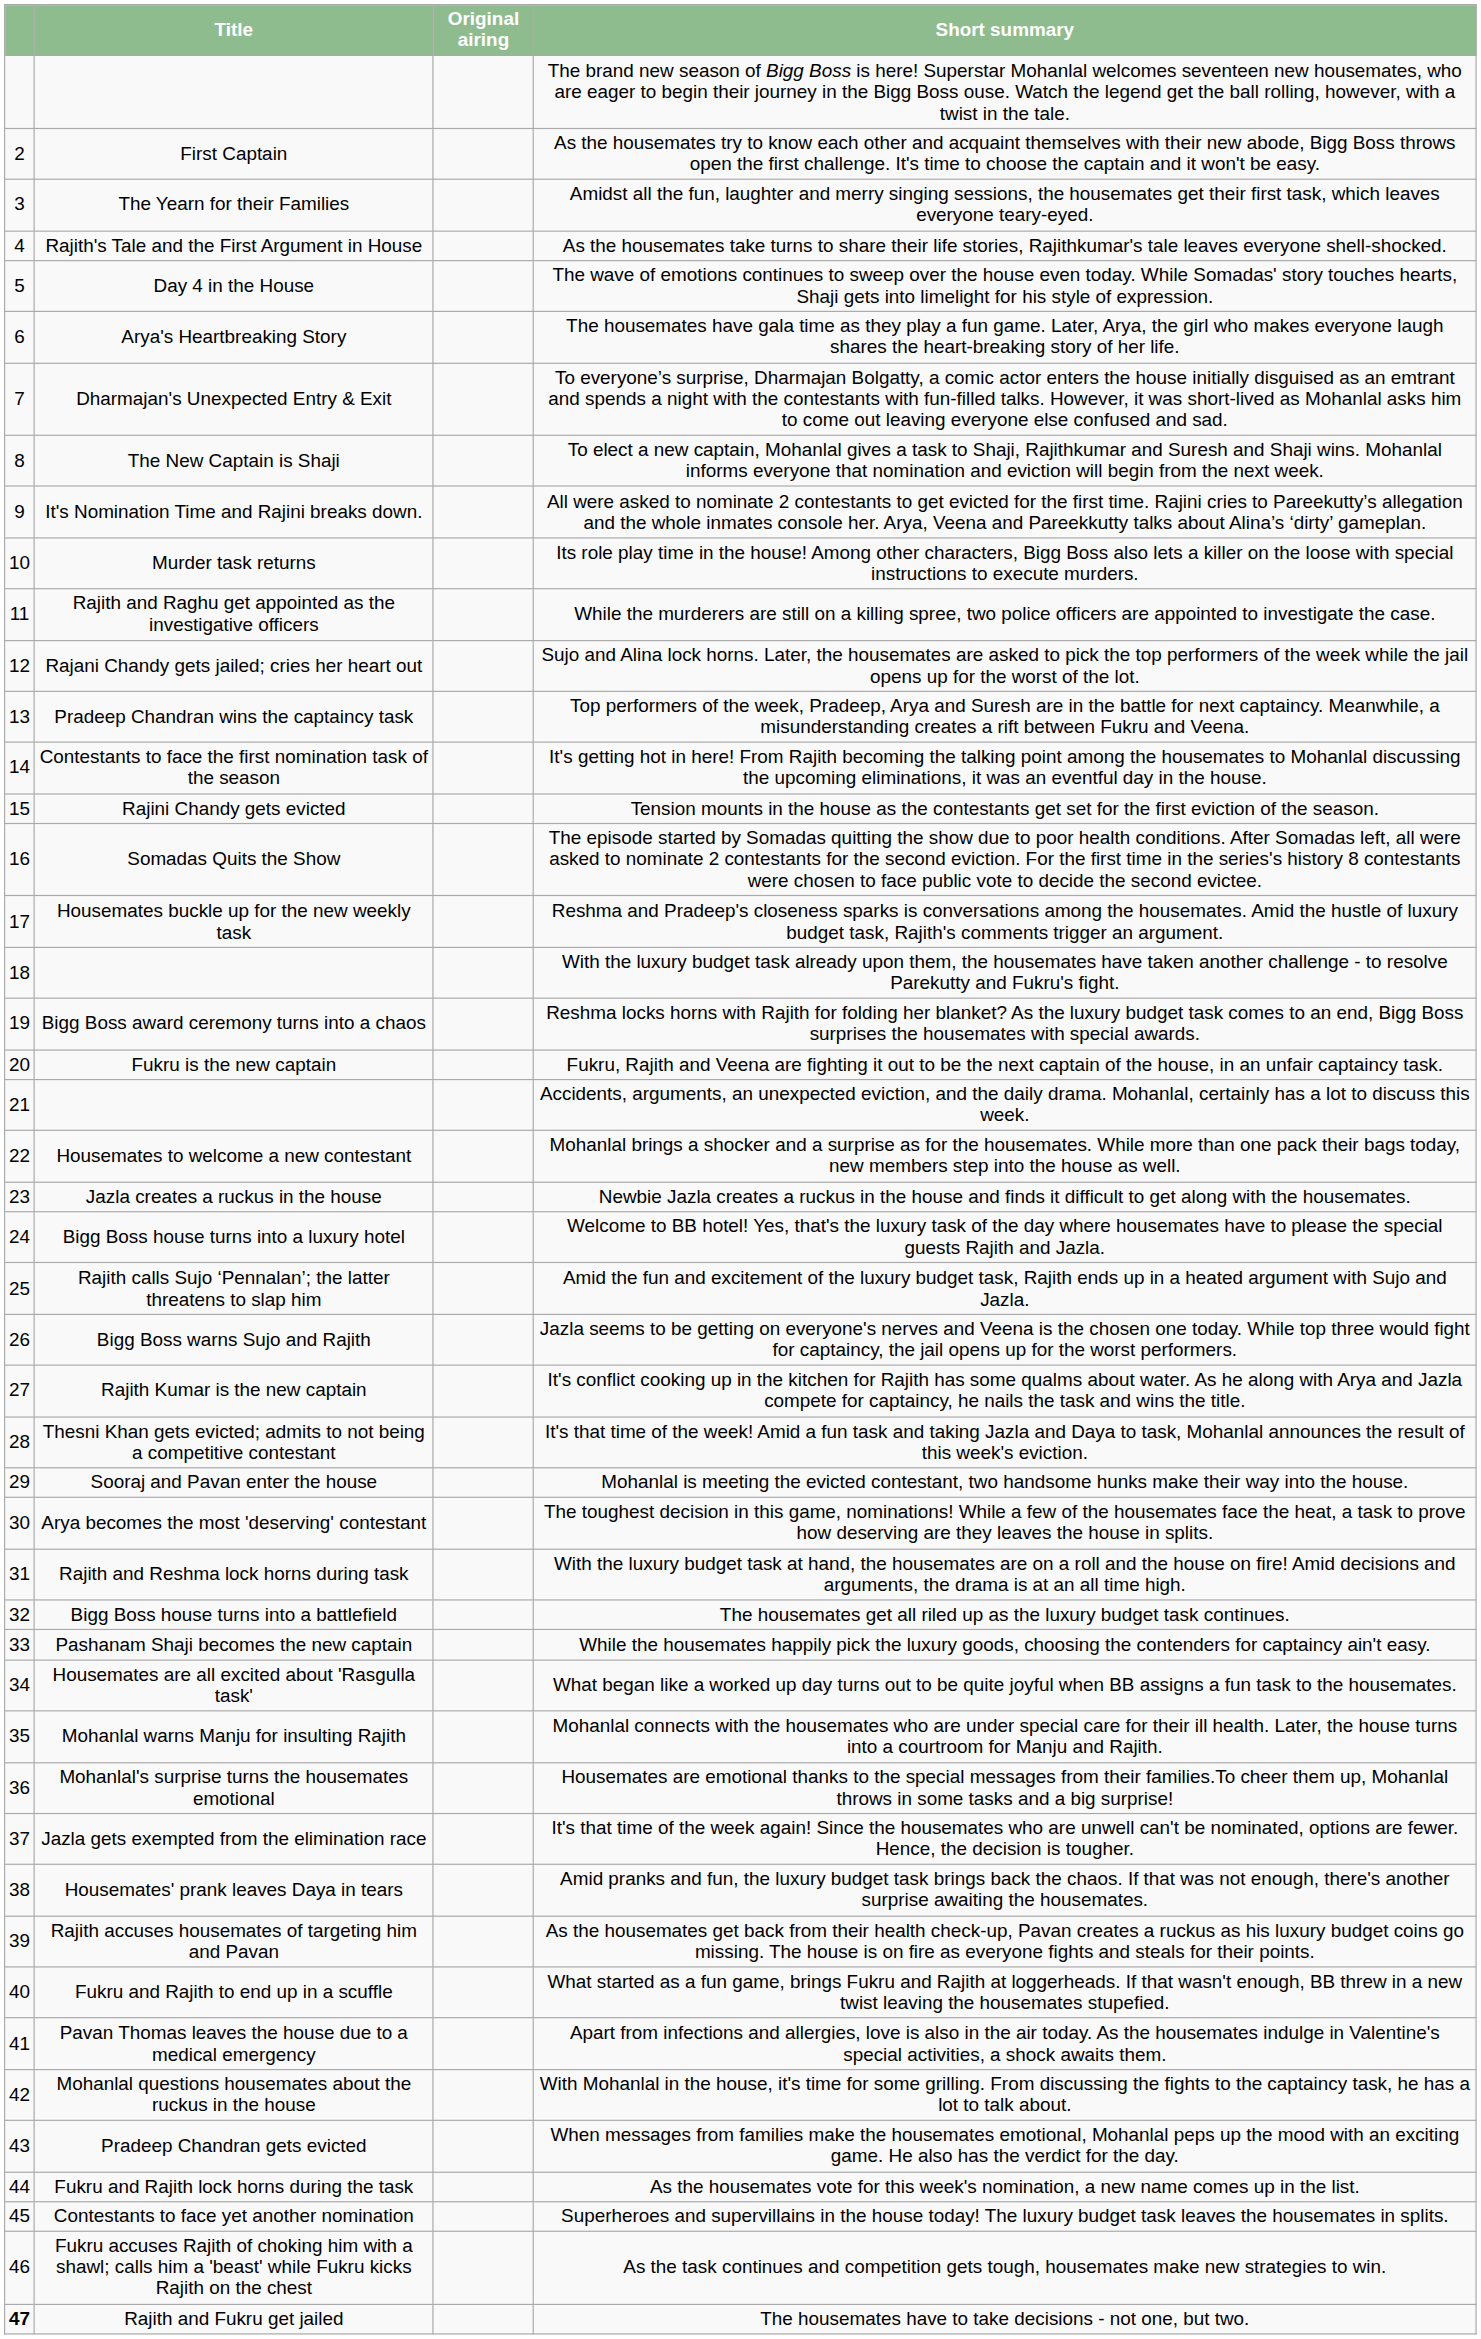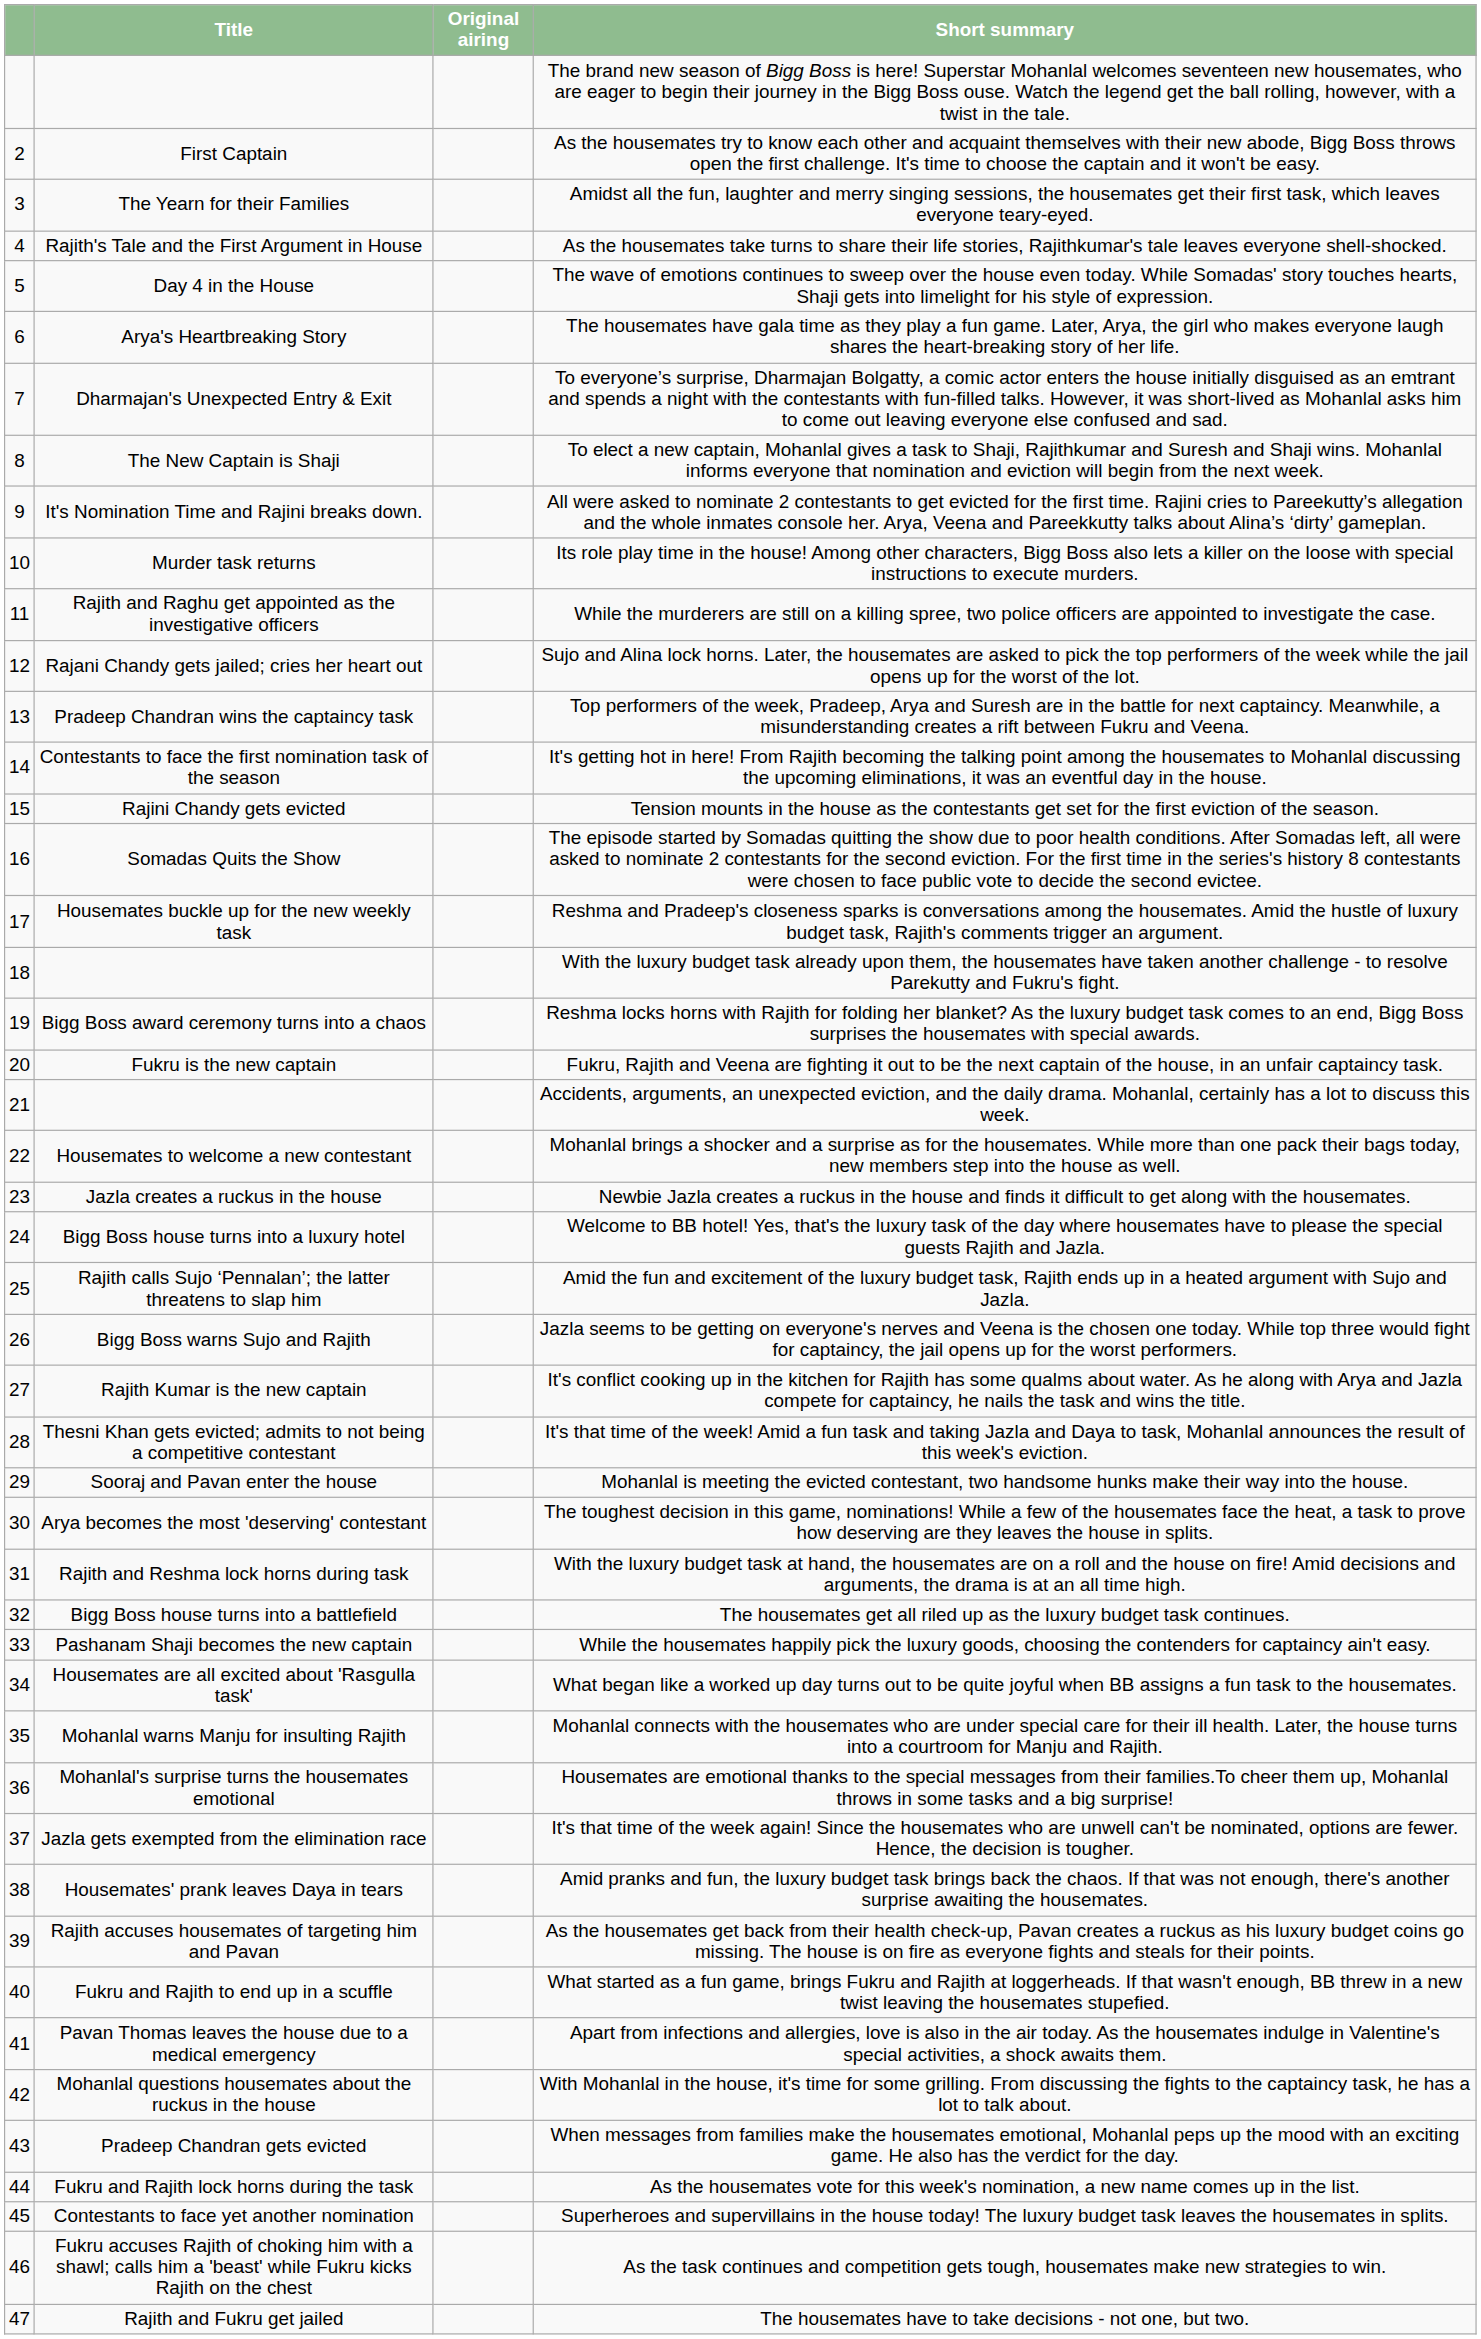 <table class="wikitable" style="text-align:center;">
 <tr>
 <th style="background:#8FBC8F; color:#FFFFFF;"></th>
 <th style="background:#8FBC8F; color:#FFFFFF;">Title</th>
 <th style="background:#8FBC8F; color:#FFFFFF;">Original airing</th>
 <th style="background:#8FBC8F; color:#FFFFFF;">Short summary</th>
 </tr>
 <tr>
 <td></td>
 <td></td>
 <td></td>
 <td>The brand new season of <em>Bigg Boss</em> is here! Superstar Mohanlal welcomes seventeen new housemates, who are eager to begin their journey in the Bigg Boss ouse. Watch the legend get the ball rolling, however, with a twist in the tale.</td>
 </tr>
 <tr>
 <td>2</td>
 <td>First Captain</td>
 <td></td>
 <td>As the housemates try to know each other and acquaint themselves with their new abode, Bigg Boss throws open the first challenge. It's time to choose the captain and it won't be easy.</td>
 </tr>
 <tr>
 <td>3</td>
 <td>The Yearn for their Families</td>
 <td></td>
 <td>Amidst all the fun, laughter and merry singing sessions, the housemates get their first task, which leaves everyone teary-eyed.</td>
 </tr>
 <tr>
 <td>4</td>
 <td>Rajith's Tale and the First Argument in House</td>
 <td></td>
 <td>As the housemates take turns to share their life stories, Rajithkumar's tale leaves everyone shell-shocked.</td>
 </tr>
 <tr>
 <td>5</td>
 <td>Day 4 in the House</td>
 <td></td>
 <td>The wave of emotions continues to sweep over the house even today. While Somadas' story touches hearts, Shaji gets into limelight for his style of expression.</td>
 </tr>
 <tr>
 <td>6</td>
 <td>Arya's Heartbreaking Story</td>
 <td></td>
 <td>The housemates have gala time as they play a fun game. Later, Arya, the girl who makes everyone laugh shares the heart-breaking story of her life.</td>
 </tr>
 <tr>
 <td>7</td>
 <td>Dharmajan's Unexpected Entry & Exit</td>
 <td></td>
 <td>To everyone’s surprise, Dharmajan Bolgatty, a comic actor enters the house initially disguised as an emtrant and spends a night with the contestants with fun-filled talks. However, it was short-lived as Mohanlal asks him to come out leaving everyone else confused and sad.</td>
 </tr>
 <tr>
 <td>8</td>
 <td>The New Captain is Shaji</td>
 <td></td>
 <td>To elect a new captain, Mohanlal gives a task to Shaji, Rajithkumar and Suresh and Shaji wins. Mohanlal informs everyone that nomination and eviction will begin from the next week.</td>
 </tr>
 <tr>
 <td>9</td>
 <td>It's Nomination Time and Rajini breaks down.</td>
 <td></td>
 <td>All were asked to nominate 2 contestants to get evicted for the first time. Rajini cries to Pareekutty’s allegation and the whole inmates console her. Arya, Veena and Pareekkutty talks about Alina’s ‘dirty’ gameplan.</td>
 </tr>
 <tr>
 <td>10</td>
 <td>Murder task returns</td>
 <td></td>
 <td>Its role play time in the house! Among other characters, Bigg Boss also lets a killer on the loose with special instructions to execute murders.</td>
 </tr>
 <tr>
 <td>11</td>
 <td>Rajith and Raghu get appointed as the investigative officers</td>
 <td></td>
 <td>While the murderers are still on a killing spree, two police officers are appointed to investigate the case.</td>
 </tr>
 <tr>
 <td>12</td>
 <td>Rajani Chandy gets jailed; cries her heart out</td>
 <td></td>
 <td>Sujo and Alina lock horns. Later, the housemates are asked to pick the top performers of the week while the jail opens up for the worst of the lot.</td>
 </tr>
 <tr>
 <td>13</td>
 <td>Pradeep Chandran wins the captaincy task</td>
 <td></td>
 <td>Top performers of the week, Pradeep, Arya and Suresh are in the battle for next captaincy. Meanwhile, a misunderstanding creates a rift between Fukru and Veena.</td>
 </tr>
 <tr>
 <td>14</td>
 <td>Contestants to face the first nomination task of the season</td>
 <td></td>
 <td>It's getting hot in here! From Rajith becoming the talking point among the housemates to Mohanlal discussing the upcoming eliminations, it was an eventful day in the house.</td>
 </tr>
 <tr>
 <td>15</td>
 <td>Rajini Chandy gets evicted</td>
 <td></td>
 <td>Tension mounts in the house as the contestants get set for the first eviction of the season.</td>
 </tr>
 <tr>
 <td>16</td>
 <td>Somadas Quits the Show</td>
 <td></td>
 <td>The episode started by Somadas quitting the show due to poor health conditions. After Somadas left, all were asked to nominate 2 contestants for the second eviction. For the first time in the series's history 8 contestants were chosen to face public vote to decide the second evictee.</td>
 </tr>
 <tr>
 <td>17</td>
 <td>Housemates buckle up for the new weekly task</td>
 <td></td>
 <td>Reshma and Pradeep's closeness sparks is conversations among the housemates. Amid the hustle of luxury budget task, Rajith's comments trigger an argument.</td>
 </tr>
 <tr>
 <td>18</td>
 <td></td>
 <td></td>
 <td>With the luxury budget task already upon them, the housemates have taken another challenge - to resolve Parekutty and Fukru's fight.</td>
 </tr>
 <tr>
 <td>19</td>
 <td>Bigg Boss award ceremony turns into a chaos</td>
 <td></td>
 <td>Reshma locks horns with Rajith for folding her blanket? As the luxury budget task comes to an end, Bigg Boss surprises the housemates with special awards.</td>
 </tr>
 <tr>
 <td>20</td>
 <td>Fukru is the new captain</td>
 <td></td>
 <td>Fukru, Rajith and Veena are fighting it out to be the next captain of the house, in an unfair captaincy task.</td>
 </tr>
 <tr>
 <td>21</td>
 <td></td>
 <td></td>
 <td>Accidents, arguments, an unexpected eviction, and the daily drama. Mohanlal, certainly has a lot to discuss this week.</td>
 </tr>
 <tr>
 <td>22</td>
 <td>Housemates to welcome a new contestant</td>
 <td></td>
 <td>Mohanlal brings a shocker and a surprise as for the housemates. While more than one pack their bags today, new members step into the house as well.</td>
 </tr>
 <tr>
 <td>23</td>
 <td>Jazla creates a ruckus in the house</td>
 <td></td>
 <td>Newbie Jazla creates a ruckus in the house and finds it difficult to get along with the housemates.</td>
 </tr>
 <tr>
 <td>24</td>
 <td>Bigg Boss house turns into a luxury hotel</td>
 <td></td>
 <td>Welcome to BB hotel! Yes, that's the luxury task of the day where housemates have to please the special guests Rajith and Jazla.</td>
 </tr>
 <tr>
 <td>25</td>
 <td>Rajith calls Sujo ‘Pennalan’; the latter threatens to slap him</td>
 <td></td>
 <td>Amid the fun and excitement of the luxury budget task, Rajith ends up in a heated argument with Sujo and Jazla.</td>
 </tr>
 <tr>
 <td>26</td>
 <td>Bigg Boss warns Sujo and Rajith</td>
 <td></td>
 <td>Jazla seems to be getting on everyone's nerves and Veena is the chosen one today. While top three would fight for captaincy, the jail opens up for the worst performers.</td>
 </tr>
 <tr>
 <td>27</td>
 <td>Rajith Kumar is the new captain</td>
 <td></td>
 <td>It's conflict cooking up in the kitchen for Rajith has some qualms about water. As he along with Arya and Jazla compete for captaincy, he nails the task and wins the title.</td>
 </tr>
 <tr>
 <td>28</td>
 <td>Thesni Khan gets evicted; admits to not being a competitive contestant</td>
 <td></td>
 <td>It's that time of the week! Amid a fun task and taking Jazla and Daya to task, Mohanlal announces the result of this week's eviction.</td>
 </tr>
 <tr>
 <td>29</td>
 <td>Sooraj and Pavan enter the house</td>
 <td></td>
 <td>Mohanlal is meeting the evicted contestant, two handsome hunks make their way into the house.</td>
 </tr>
 <tr>
 <td>30</td>
 <td>Arya becomes the most 'deserving' contestant</td>
 <td></td>
 <td>The toughest decision in this game, nominations! While a few of the housemates face the heat, a task to prove how deserving are they leaves the house in splits.</td>
 </tr>
 <tr>
 <td>31</td>
 <td>Rajith and Reshma lock horns during task</td>
 <td></td>
 <td>With the luxury budget task at hand, the housemates are on a roll and the house on fire! Amid decisions and arguments, the drama is at an all time high.</td>
 </tr>
 <tr>
 <td>32</td>
 <td>Bigg Boss house turns into a battlefield</td>
 <td></td>
 <td>The housemates get all riled up as the luxury budget task continues.</td>
 </tr>
 <tr>
 <td>33</td>
 <td>Pashanam Shaji becomes the new captain</td>
 <td></td>
 <td>While the housemates happily pick the luxury goods, choosing the contenders for captaincy ain't easy.</td>
 </tr>
 <tr>
 <td>34</td>
 <td>Housemates are all excited about 'Rasgulla task'</td>
 <td></td>
 <td>What began like a worked up day turns out to be quite joyful when BB assigns a fun task to the housemates.</td>
 </tr>
 <tr>
 <td>35</td>
 <td>Mohanlal warns Manju for insulting Rajith</td>
 <td></td>
 <td>Mohanlal connects with the housemates who are under special care for their ill health. Later, the house turns into a courtroom for Manju and Rajith.</td>
 </tr>
 <tr>
 <td>36</td>
 <td>Mohanlal's surprise turns the housemates emotional</td>
 <td></td>
 <td>Housemates are emotional thanks to the special messages from their families.To cheer them up, Mohanlal throws in some tasks and a big surprise!</td>
 </tr>
 <tr>
 <td>37</td>
 <td>Jazla gets exempted from the elimination race</td>
 <td></td>
 <td>It's that time of the week again! Since the housemates who are unwell can't be nominated, options are fewer. Hence, the decision is tougher.</td>
 </tr>
 <tr>
 <td>38</td>
 <td>Housemates' prank leaves Daya in tears</td>
 <td></td>
 <td>Amid pranks and fun, the luxury budget task brings back the chaos. If that was not enough, there's another surprise awaiting the housemates.</td>
 </tr>
 <tr>
 <td>39</td>
 <td>Rajith accuses housemates of targeting him and Pavan</td>
 <td></td>
 <td>As the housemates get back from their health check-up, Pavan creates a ruckus as his luxury budget coins go missing. The house is on fire as everyone fights and steals for their points.</td>
 </tr>
 <tr>
 <td>40</td>
 <td>Fukru and Rajith to end up in a scuffle</td>
 <td></td>
 <td>What started as a fun game, brings Fukru and Rajith at loggerheads. If that wasn't enough, BB threw in a new twist leaving the housemates stupefied.</td>
 </tr>
 <tr>
 <td>41</td>
 <td>Pavan Thomas leaves the house due to a medical emergency</td>
 <td></td>
 <td>Apart from infections and allergies, love is also in the air today. As the housemates indulge in Valentine's special activities, a shock awaits them.</td>
 </tr>
 <tr>
 <td>42</td>
 <td>Mohanlal questions housemates about the ruckus in the house</td>
 <td></td>
 <td>With Mohanlal in the house, it's time for some grilling. From discussing the fights to the captaincy task, he has a lot to talk about.</td>
 </tr>
 <tr>
 <td>43</td>
 <td>Pradeep Chandran gets evicted</td>
 <td></td>
 <td>When messages from families make the housemates emotional, Mohanlal peps up the mood with an exciting game. He also has the verdict for the day.</td>
 </tr>
 <tr>
 <td>44</td>
 <td>Fukru and Rajith lock horns during the task</td>
 <td></td>
 <td>As the housemates vote for this week's nomination, a new name comes up in the list.</td>
 </tr>
 <tr>
 <td>45</td>
 <td>Contestants to face yet another nomination</td>
 <td></td>
 <td>Superheroes and supervillains in the house today! The luxury budget task leaves the housemates in splits.</td>
 </tr>
 <tr>
 <td>46</td>
 <td>Fukru accuses Rajith of choking him with a shawl; calls him a 'beast' while Fukru kicks Rajith on the chest</td>
 <td></td>
 <td>As the task continues and competition gets tough, housemates make new strategies to win.</td>
 </tr>
 <tr>
-<td><strong>47</strong></td>
+<td>47</td>
 <td>Rajith and Fukru get jailed</td>
 <td></td>
 <td>The housemates have to take decisions - not one, but two.</td>
 </tr>
 </table>
